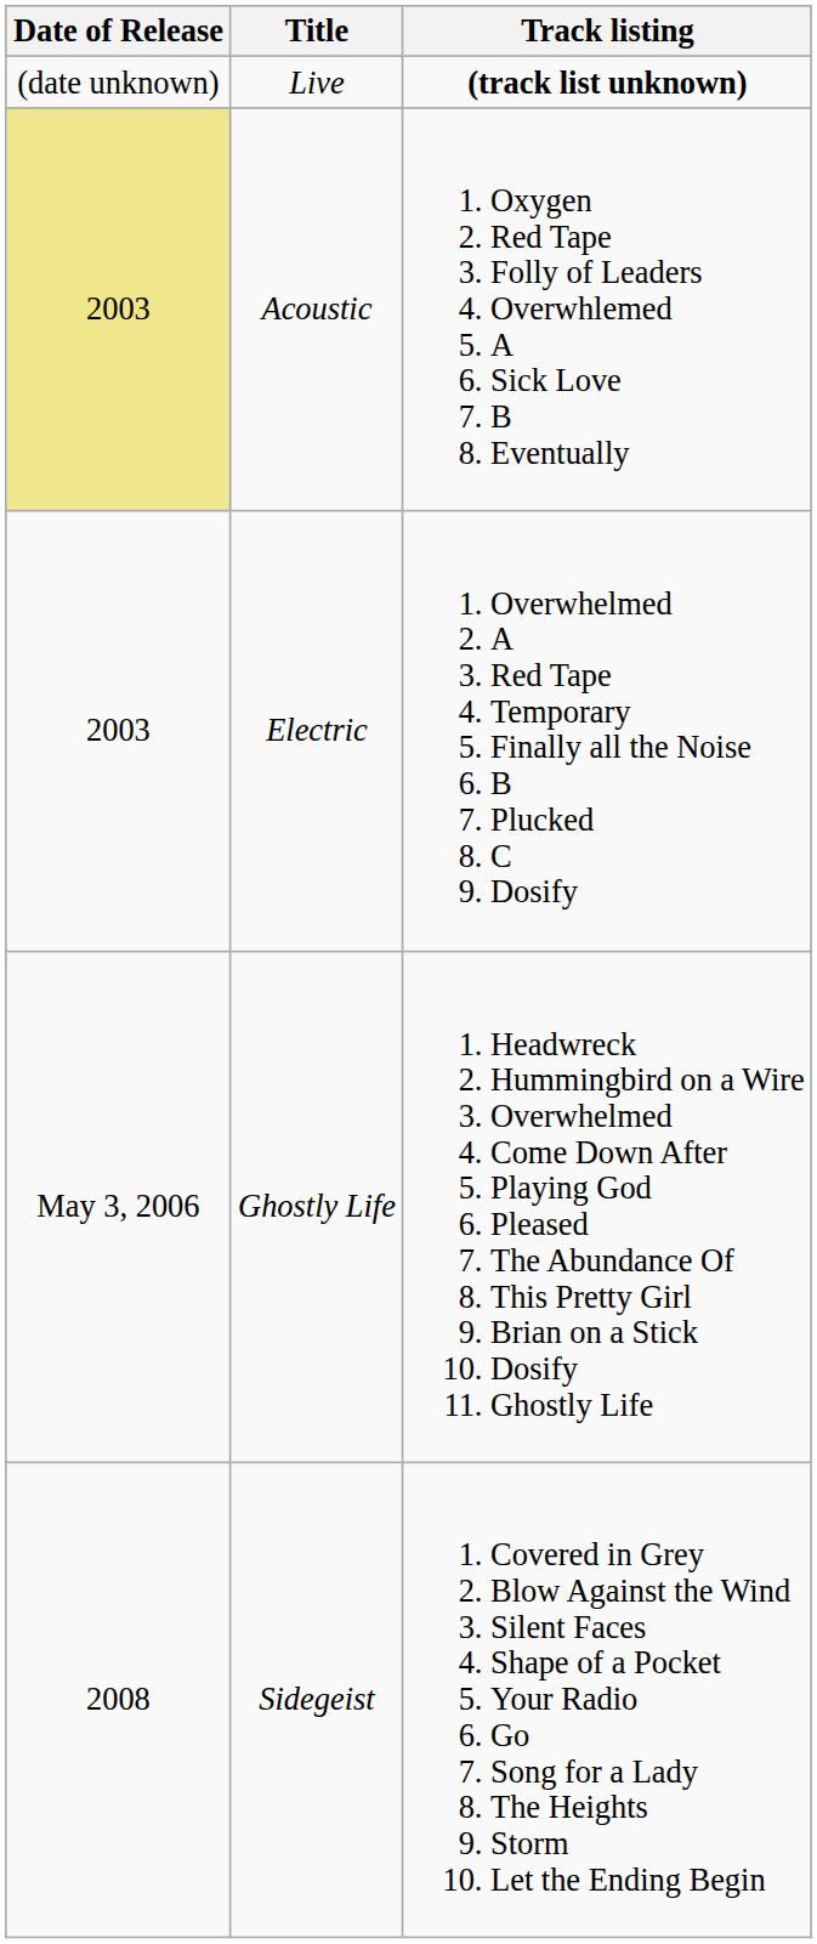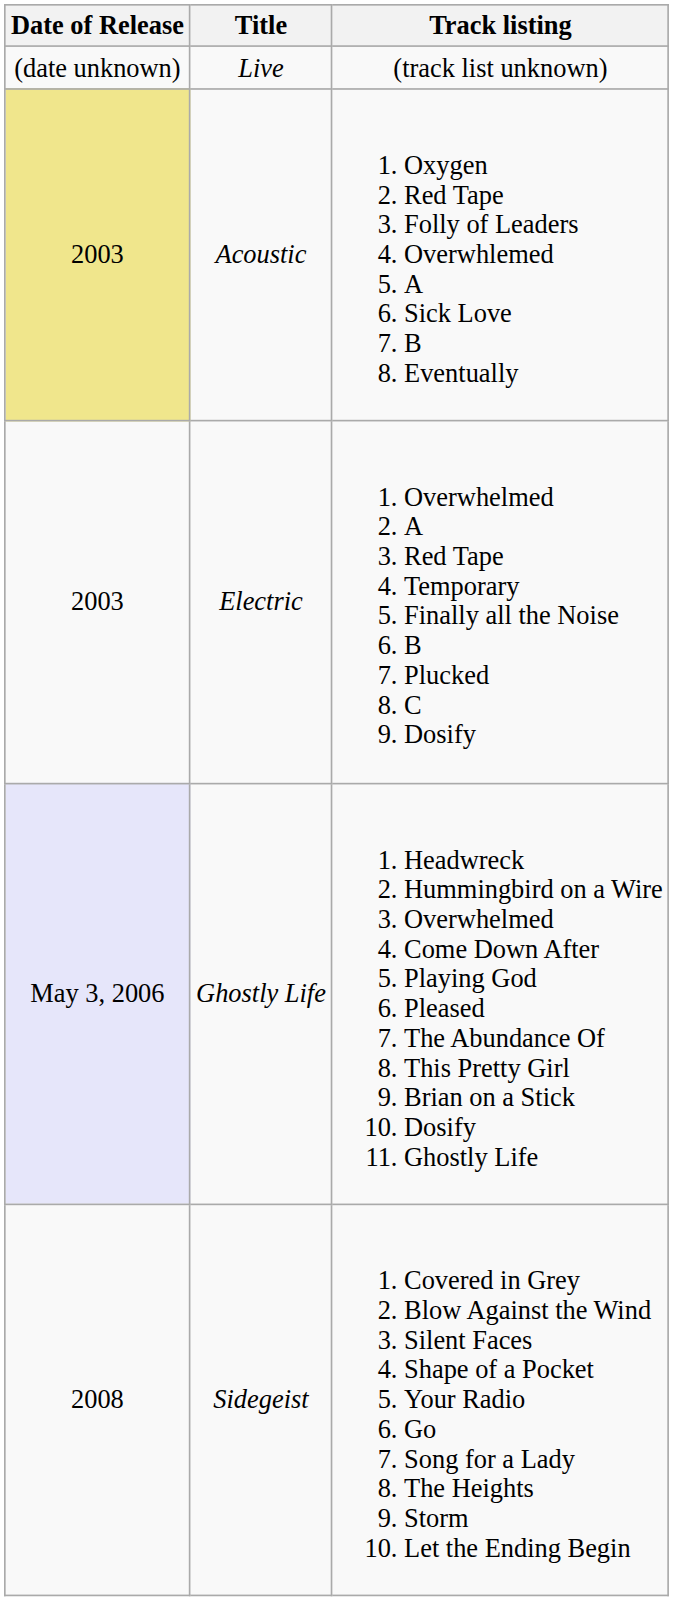 <table class="wikitable">
 <tr>
 <th>Date of Release</th>
 <th>Title</th>
 <th>Track listing</th>
 </tr>
 <tr align="center">
 <td>(date unknown)</td>
 <td><em>Live</em></td>
-<td><strong>(track list unknown)</strong></td>
+<td>(track list unknown)</td>
 </tr>
 <tr align="center">
 <td style="background: khaki;">2003</td>
 <td><em>Acoustic</em></td>
 <td align="left"><br><ol><li>Oxygen</li><li>Red Tape</li><li>Folly of Leaders</li><li>Overwhlemed</li><li>A</li><li>Sick Love</li><li>B</li><li>Eventually</li></ol></td>
 </tr>
 <tr align="center">
 <td>2003</td>
 <td><em>Electric</em></td>
 <td align="left"><br><ol><li>Overwhelmed</li><li>A</li><li>Red Tape</li><li>Temporary</li><li>Finally all the Noise</li><li>B</li><li>Plucked</li><li>C</li><li>Dosify</li></ol></td>
 </tr>
 <tr align="center">
-<td>May 3, 2006</td>
+<td style="background: lavender;">May 3, 2006</td>
 <td><em>Ghostly Life</em></td>
 <td align="left"><br><ol><li>Headwreck</li><li>Hummingbird on a Wire</li><li>Overwhelmed</li><li>Come Down After</li><li>Playing God</li><li>Pleased</li><li>The Abundance Of</li><li>This Pretty Girl</li><li>Brian on a Stick</li><li>Dosify</li><li>Ghostly Life</li></ol></td>
 </tr>
 <tr align="center">
 <td>2008</td>
 <td><em>Sidegeist</em></td>
 <td align="left"><br><ol><li>Covered in Grey</li><li>Blow Against the Wind</li><li>Silent Faces</li><li>Shape of a Pocket</li><li>Your Radio</li><li>Go</li><li>Song for a Lady</li><li>The Heights</li><li>Storm</li><li>Let the Ending Begin</li></ol></td>
 </tr>
 </table>
